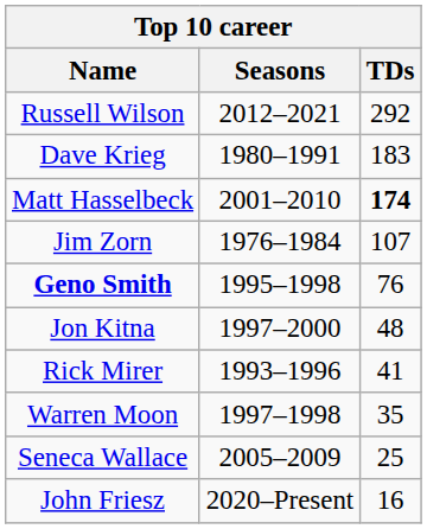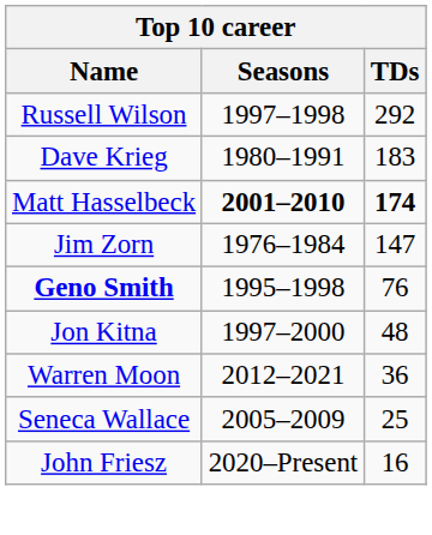 <table class="wikitable" style="text-align:center">
 <tr>
 <th colspan="3"><strong>Top 10 career</strong></th>
 </tr>
 <tr>
 <th><strong>Name</strong></th>
 <th><strong>Seasons</strong></th>
 <th><strong>TDs</strong></th>
 </tr>
 <tr>
 <td><a href='#'>Russell Wilson</a></td>
-<td>2012–2021</td>
+<td>1997–1998</td>
 <td>292</td>
 </tr>
 <tr>
 <td><a href='#'>Dave Krieg</a></td>
 <td>1980–1991</td>
 <td>183</td>
 </tr>
 <tr>
 <td><a href='#'>Matt Hasselbeck</a></td>
-<td>2001–2010</td>
+<td><strong>2001–2010</strong></td>
 <td><strong>174</strong></td>
 </tr>
 <tr>
 <td><a href='#'>Jim Zorn</a></td>
 <td>1976–1984</td>
-<td>107</td>
+<td>147</td>
 </tr>
 <tr>
 <td><strong><a href='#'>Geno Smith</a></strong></td>
 <td>1995–1998</td>
 <td>76</td>
 </tr>
 <tr>
 <td><a href='#'>Jon Kitna</a></td>
 <td>1997–2000</td>
 <td>48</td>
 </tr>
 <tr>
-<td><a href='#'>Rick Mirer</a></td>
-<td>1993–1996</td>
-<td>41</td>
-</tr>
-<tr>
 <td><a href='#'>Warren Moon</a></td>
-<td>1997–1998</td>
-<td>35</td>
+<td>2012–2021</td>
+<td>36</td>
 </tr>
 <tr>
 <td><a href='#'>Seneca Wallace</a></td>
 <td>2005–2009</td>
 <td>25</td>
 </tr>
 <tr>
 <td><a href='#'>John Friesz</a></td>
 <td>2020–Present</td>
 <td>16</td>
 </tr>
 </table>
